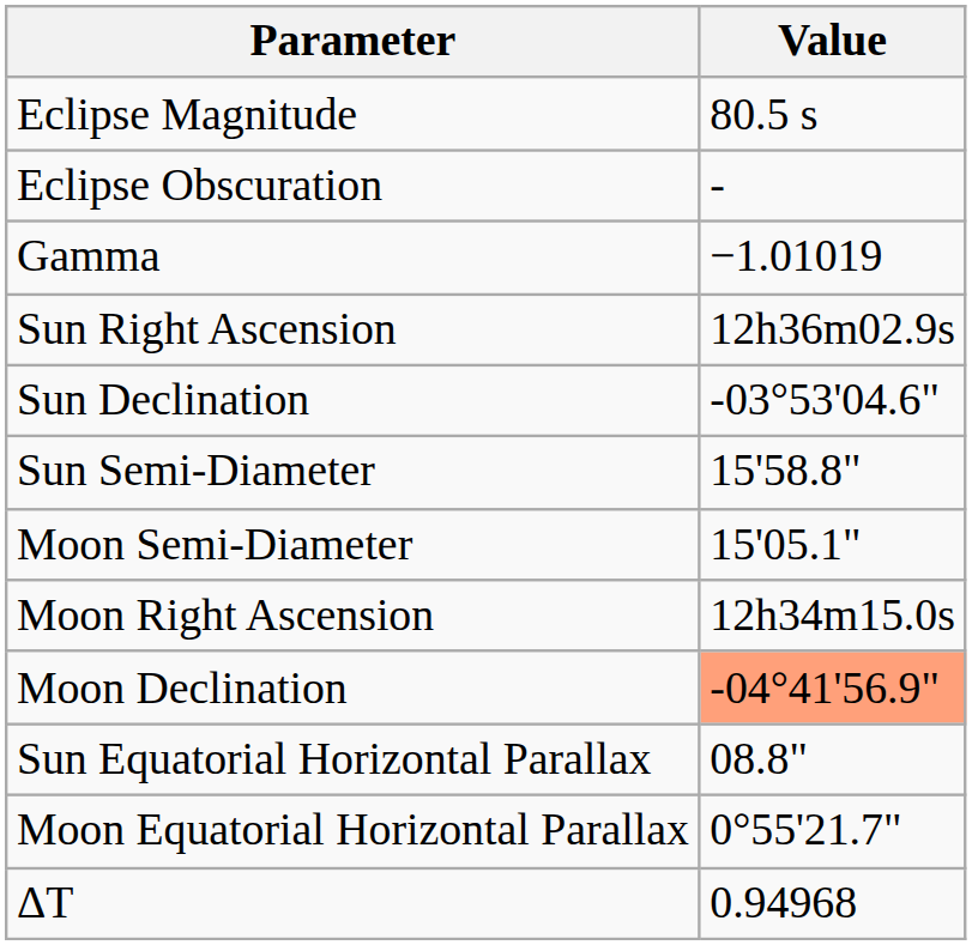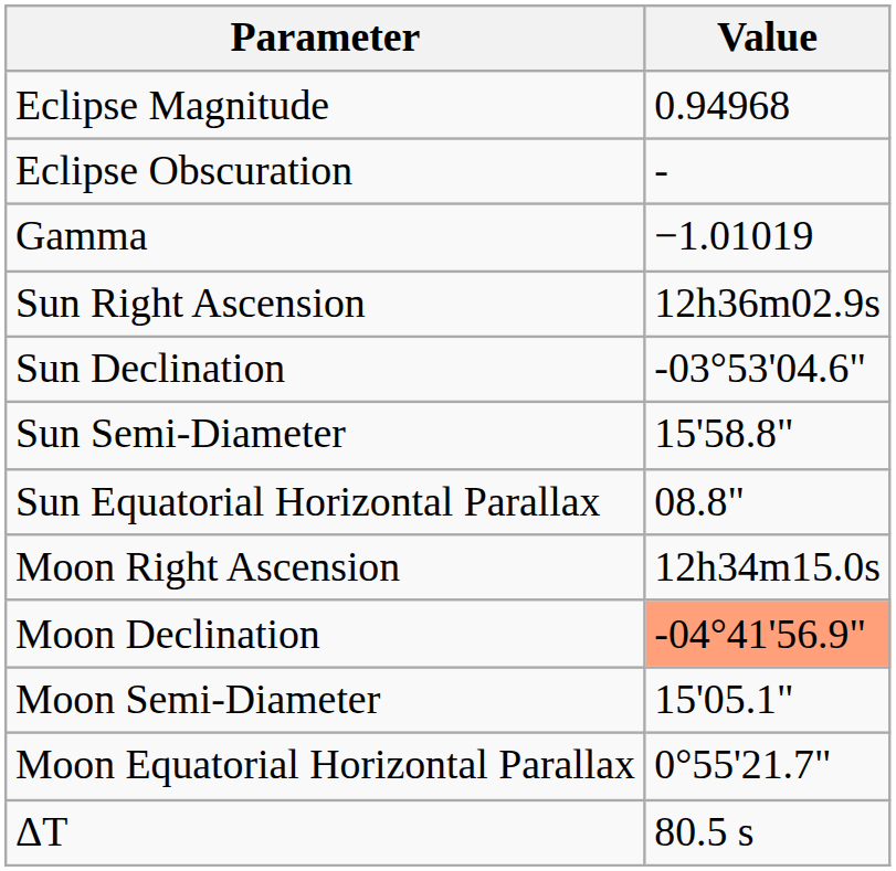 <table class="wikitable">
 <tr>
 <th>Parameter</th>
 <th>Value</th>
 </tr>
 <tr>
 <td>Eclipse Magnitude</td>
-<td>80.5 s</td>
+<td>0.94968</td>
 </tr>
 <tr>
 <td>Eclipse Obscuration</td>
 <td>-</td>
 </tr>
 <tr>
 <td>Gamma</td>
 <td>−1.01019</td>
 </tr>
 <tr>
 <td>Sun Right Ascension</td>
 <td>12h36m02.9s</td>
 </tr>
 <tr>
 <td>Sun Declination</td>
 <td>-03°53'04.6"</td>
 </tr>
 <tr>
 <td>Sun Semi-Diameter</td>
 <td>15'58.8"</td>
 </tr>
 <tr>
-<td>Moon Semi-Diameter</td>
-<td>15'05.1"</td>
+<td>Sun Equatorial Horizontal Parallax</td>
+<td>08.8"</td>
 </tr>
 <tr>
 <td>Moon Right Ascension</td>
 <td>12h34m15.0s</td>
 </tr>
 <tr>
 <td>Moon Declination</td>
 <td style="background: lightsalmon;">-04°41'56.9"</td>
 </tr>
 <tr>
-<td>Sun Equatorial Horizontal Parallax</td>
-<td>08.8"</td>
+<td>Moon Semi-Diameter</td>
+<td>15'05.1"</td>
 </tr>
 <tr>
 <td>Moon Equatorial Horizontal Parallax</td>
 <td>0°55'21.7"</td>
 </tr>
 <tr>
 <td>ΔT</td>
-<td>0.94968</td>
+<td>80.5 s</td>
 </tr>
 </table>
